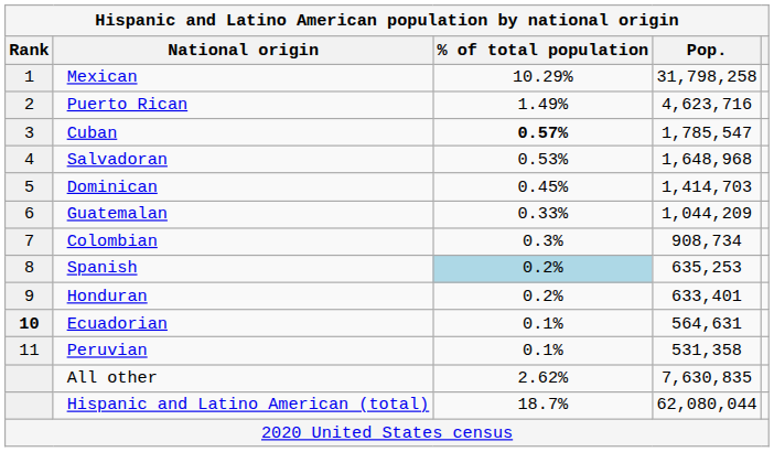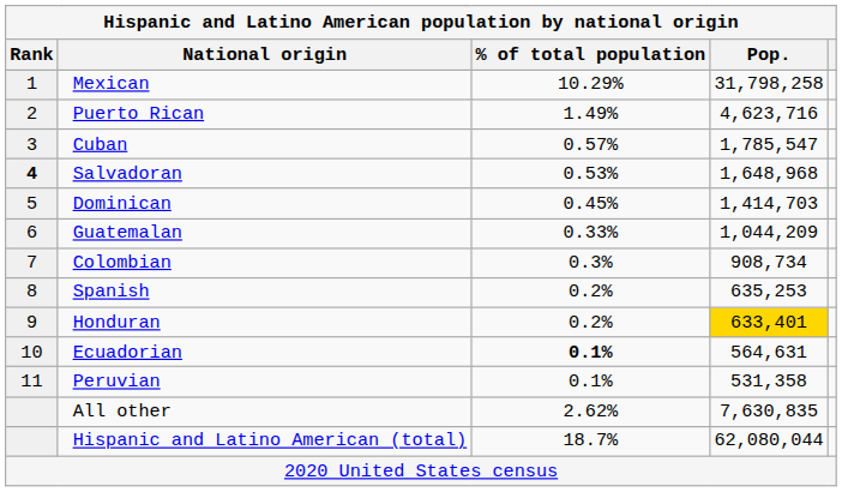 <table class="wikitable" style="text-align:center; margin-right:10px;">
 <tr>
 <th colspan="6" style="padding:0.3em 0; line-height:1.2em; background:#f5f5f5;">Hispanic and Latino American population by national origin</th>
 </tr>
 <tr style="background:#f5f5f5;" valign="top">
 <th>Rank</th>
 <th>National origin</th>
 <th>% of total population</th>
 <th>Pop.</th>
 <th></th>
 </tr>
 <tr valign="top">
 <td style="background:#f0f0f0; text-align: center;">1</td>
 <td style="text-align: left; padding-left: 10px;"><a href='#'>Mexican</a></td>
 <td>10.29%</td>
 <td>31,798,258</td>
 <td></td>
 </tr>
 <tr valign="top">
 <td style="background:#f0f0f0; text-align: center;">2</td>
 <td style="text-align: left; padding-left: 10px;"><a href='#'>Puerto Rican</a></td>
 <td>1.49%</td>
 <td>4,623,716</td>
 <td></td>
 </tr>
 <tr valign="top">
 <td style="background:#f0f0f0; text-align: center;">3</td>
 <td style="text-align: left; padding-left: 10px;"><a href='#'>Cuban</a></td>
-<td><strong>0.57%</strong></td>
+<td>0.57%</td>
 <td>1,785,547</td>
 <td></td>
 </tr>
 <tr valign="top">
-<td style="background:#f0f0f0; text-align: center;">4</td>
+<td style="background:#f0f0f0; text-align: center;"><strong>4</strong></td>
 <td style="text-align: left; padding-left: 10px;"><a href='#'>Salvadoran</a></td>
 <td>0.53%</td>
 <td>1,648,968</td>
 <td></td>
 </tr>
 <tr valign="top">
 <td style="background:#f0f0f0; text-align: center;">5</td>
 <td style="text-align: left; padding-left: 10px;"><a href='#'>Dominican</a></td>
 <td>0.45%</td>
 <td>1,414,703</td>
 <td></td>
 </tr>
 <tr valign="top">
 <td style="background:#f0f0f0; text-align: center;">6</td>
 <td style="text-align: left; padding-left: 10px;"><a href='#'>Guatemalan</a></td>
 <td>0.33%</td>
 <td>1,044,209</td>
 <td></td>
 </tr>
 <tr valign="top">
 <td style="background:#f0f0f0; text-align: center;">7</td>
 <td style="text-align: left; padding-left: 10px;"><a href='#'>Colombian</a></td>
 <td>0.3%</td>
 <td>908,734</td>
 <td></td>
 </tr>
 <tr valign="top">
 <td style="background:#f0f0f0; text-align: center;">8</td>
 <td style="text-align: left; padding-left: 10px;"><a href='#'>Spanish</a></td>
-<td style="background: lightblue;">0.2%</td>
+<td>0.2%</td>
 <td>635,253</td>
 <td></td>
 </tr>
 <tr valign="top">
 <td style="background:#f0f0f0; text-align: center;">9</td>
 <td style="text-align: left; padding-left: 10px;"><a href='#'>Honduran</a></td>
 <td>0.2%</td>
-<td>633,401</td>
+<td style="background: gold;">633,401</td>
 <td></td>
 </tr>
 <tr valign="top">
-<td style="background:#f0f0f0; text-align: center;"><strong>10</strong></td>
+<td style="background:#f0f0f0; text-align: center;">10</td>
 <td style="text-align: left; padding-left: 10px;"><a href='#'>Ecuadorian</a></td>
-<td>0.1%</td>
+<td><strong>0.1%</strong></td>
 <td>564,631</td>
 <td></td>
 </tr>
 <tr valign="top">
 <td style="background:#f0f0f0; text-align: center;">11</td>
 <td style="text-align: left; padding-left: 10px;"><a href='#'>Peruvian</a></td>
 <td>0.1%</td>
 <td>531,358</td>
 <td></td>
 </tr>
 <tr valign="top">
 <td style="background:#f0f0f0; text-align: center;"></td>
 <td style="text-align: left; padding-left: 10px;">All other</td>
 <td>2.62%</td>
 <td>7,630,835</td>
 <td></td>
 </tr>
 <tr valign="top">
 <td style="background:#f0f0f0; text-align: center;"></td>
 <td style="text-align: left; padding-left: 10px;"><a href='#'>Hispanic and Latino American (total)</a></td>
 <td>18.7%</td>
 <td>62,080,044</td>
 <td></td>
 </tr>
 <tr valign="top">
 <td colspan="6" style="background:#f5f5f5; text-align: center;"><a href='#'>2020 United States census</a></td>
 </tr>
 </table>
